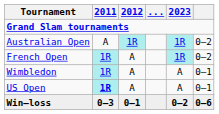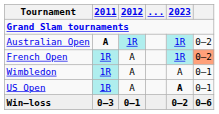 <table class="wikitable" style="text-align:center;">
 <tr>
 <th>Tournament</th>
 <th><a href='#'>2011</a></th>
 <th><a href='#'>2012</a></th>
 <th><a href='#'>...</a></th>
 <th><a href='#'>2023</a></th>
 <th></th>
 </tr>
 <tr>
 <td colspan="8" style="text-align:left"><strong><a href='#'>Grand Slam tournaments</a></strong></td>
 </tr>
 <tr>
 <td style="text-align:left;"><a href='#'>Australian Open</a></td>
-<td>A</td>
+<td><strong>A</strong></td>
 <td style="background:#afeeee;"><a href='#'>1R</a></td>
 <td></td>
 <td style="background:#afeeee;"><a href='#'>1R</a></td>
 <td>0–2</td>
 </tr>
 <tr>
 <td style="text-align:left;"><a href='#'>French Open</a></td>
 <td style=background:#afeeee><a href='#'>1R</a></td>
 <td>A</td>
 <td></td>
 <td style=background:#afeeee><a href='#'>1R</a></td>
-<td>0–2</td>
+<td style="background: lightsalmon;">0–2</td>
 </tr>
 <tr>
 <td style="text-align:left;"><a href='#'>Wimbledon</a></td>
 <td style="background:#afeeee;"><a href='#'>1R</a></td>
 <td>A</td>
 <td></td>
 <td>A</td>
 <td>0–1</td>
 </tr>
 <tr>
 <td style="text-align:left;"><a href='#'>US Open</a></td>
-<td style="background:#afeeee;"><strong><a href='#'>1R</a></strong></td>
+<td style="background:#afeeee;"><a href='#'>1R</a></td>
 <td>A</td>
 <td></td>
-<td>A</td>
+<td><strong>A</strong></td>
 <td>0–1</td>
 </tr>
 <tr style="font-weight:bold; background:#efefef;">
 <td style="text-align:left;">Win–loss</td>
 <td>0–3</td>
 <td>0–1</td>
 <td></td>
 <td>0–2</td>
 <td>0–6</td>
 </tr>
 </table>
